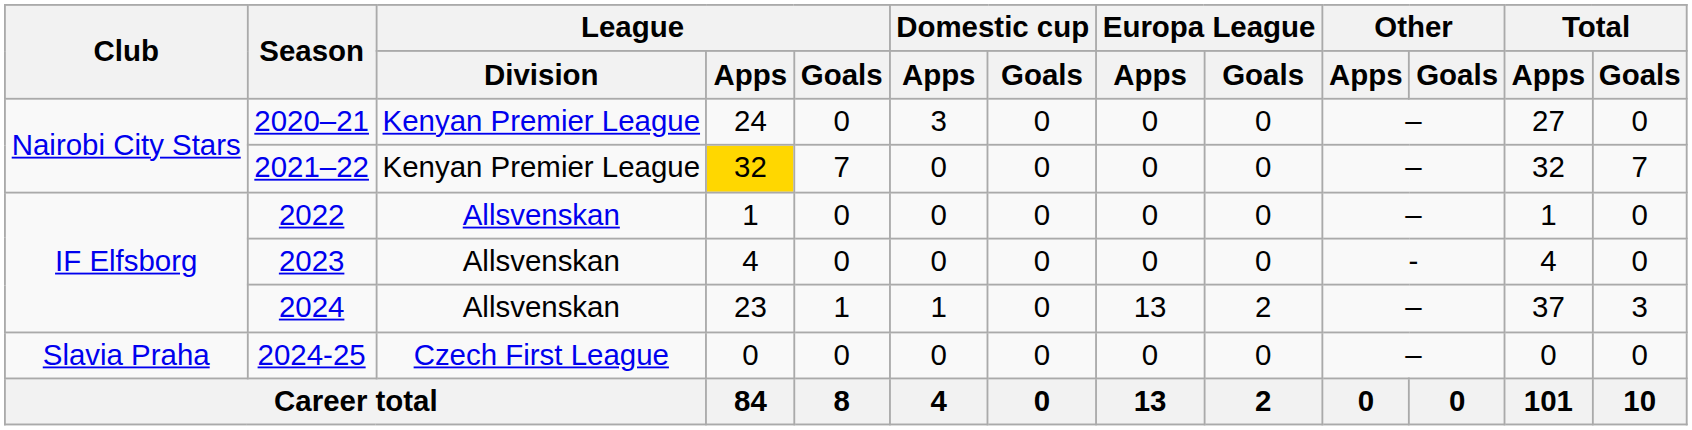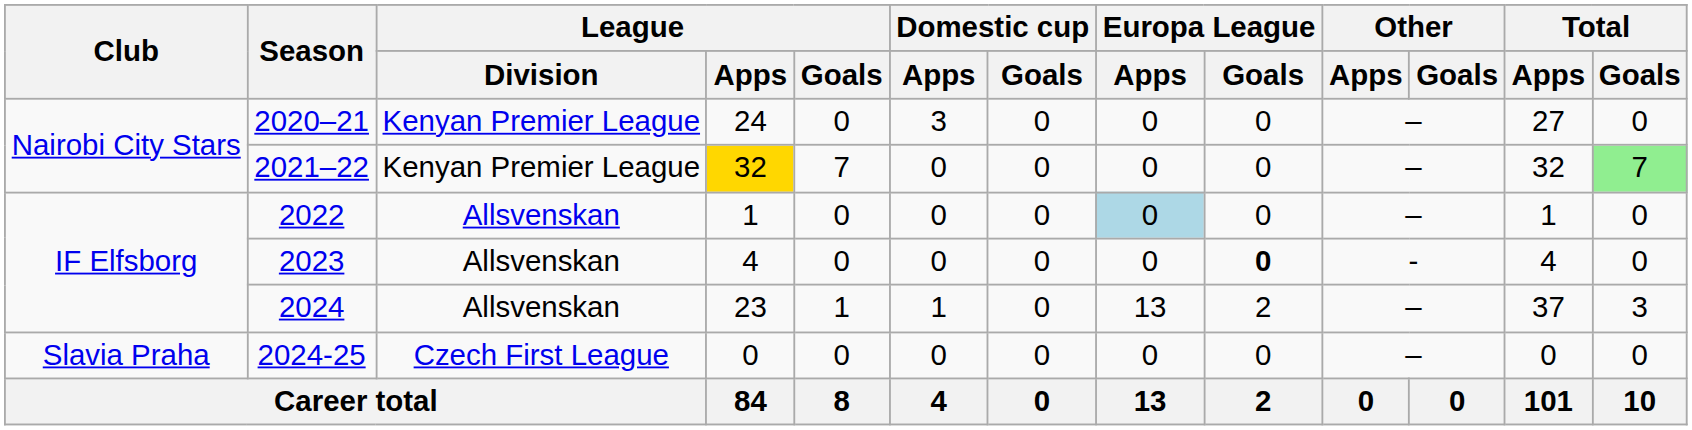 <table class="wikitable" style="text-align:center">
 <tr>
 <th rowspan="2">Club</th>
 <th rowspan="2">Season</th>
 <th colspan="3">League</th>
 <th colspan="2">Domestic cup</th>
 <th colspan="2">Europa League</th>
 <th colspan="2">Other</th>
 <th colspan="2">Total</th>
 </tr>
 <tr>
 <th>Division</th>
 <th>Apps</th>
 <th>Goals</th>
 <th>Apps</th>
 <th>Goals</th>
 <th>Apps</th>
 <th>Goals</th>
 <th>Apps</th>
 <th>Goals</th>
 <th>Apps</th>
 <th>Goals</th>
 </tr>
 <tr>
 <td rowspan=2><a href='#'>Nairobi City Stars</a></td>
 <td><a href='#'>2020–21</a></td>
 <td><a href='#'>Kenyan Premier League</a></td>
 <td>24</td>
 <td>0</td>
 <td>3</td>
 <td>0</td>
 <td>0</td>
 <td>0</td>
 <td colspan=2>–</td>
 <td>27</td>
 <td>0</td>
 </tr>
 <tr>
 <td><a href='#'>2021–22</a></td>
 <td>Kenyan Premier League</td>
 <td style="background: gold;">32</td>
 <td>7</td>
 <td>0</td>
 <td>0</td>
 <td>0</td>
 <td>0</td>
 <td colspan=2>–</td>
 <td>32</td>
-<td>7</td>
+<td style="background: lightgreen;">7</td>
 </tr>
 <tr>
 <td rowspan=3><a href='#'>IF Elfsborg</a></td>
 <td><a href='#'>2022</a></td>
 <td><a href='#'>Allsvenskan</a></td>
 <td>1</td>
 <td>0</td>
 <td>0</td>
 <td>0</td>
-<td>0</td>
+<td style="background: lightblue;">0</td>
 <td>0</td>
 <td colspan=2>–</td>
 <td>1</td>
 <td>0</td>
 </tr>
 <tr>
 <td><a href='#'>2023</a></td>
 <td>Allsvenskan</td>
 <td>4</td>
 <td>0</td>
 <td>0</td>
 <td>0</td>
 <td>0</td>
-<td>0</td>
+<td><strong>0</strong></td>
 <td colspan=2>-</td>
 <td>4</td>
 <td>0</td>
 </tr>
 <tr>
 <td><a href='#'>2024</a></td>
 <td>Allsvenskan</td>
 <td>23</td>
 <td>1</td>
 <td>1</td>
 <td>0</td>
 <td>13</td>
 <td>2</td>
 <td colspan=2>–</td>
 <td>37</td>
 <td>3</td>
 </tr>
 <tr>
 <td rowspan=1><a href='#'>Slavia Praha</a></td>
 <td><a href='#'>2024-25</a></td>
 <td><a href='#'>Czech First League</a></td>
 <td>0</td>
 <td>0</td>
 <td>0</td>
 <td>0</td>
 <td>0</td>
 <td>0</td>
 <td colspan=2>–</td>
 <td>0</td>
 <td>0</td>
 </tr>
 <tr>
 <th colspan="3">Career total</th>
 <th>84</th>
 <th>8</th>
 <th>4</th>
 <th>0</th>
 <th>13</th>
 <th>2</th>
 <th>0</th>
 <th>0</th>
 <th>101</th>
 <th>10</th>
 </tr>
 </table>
